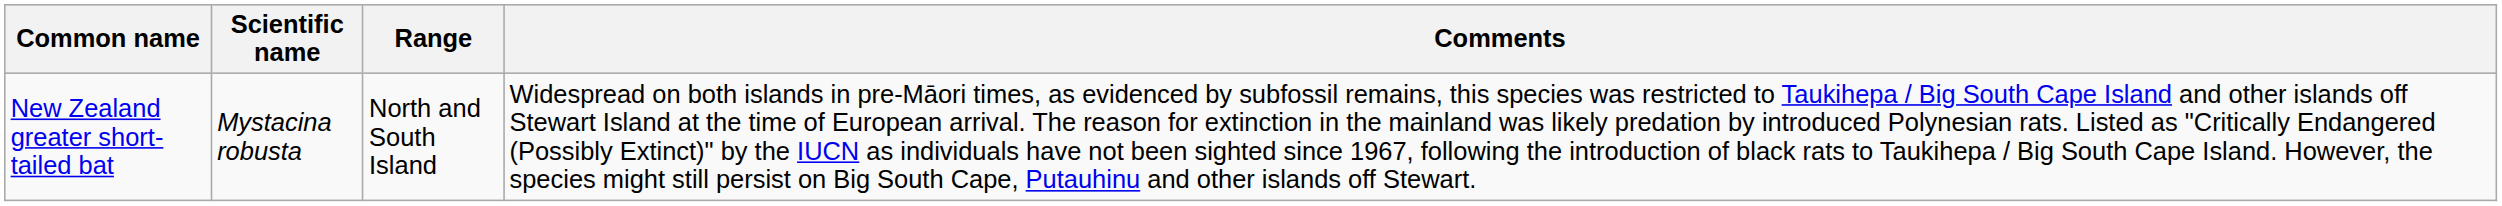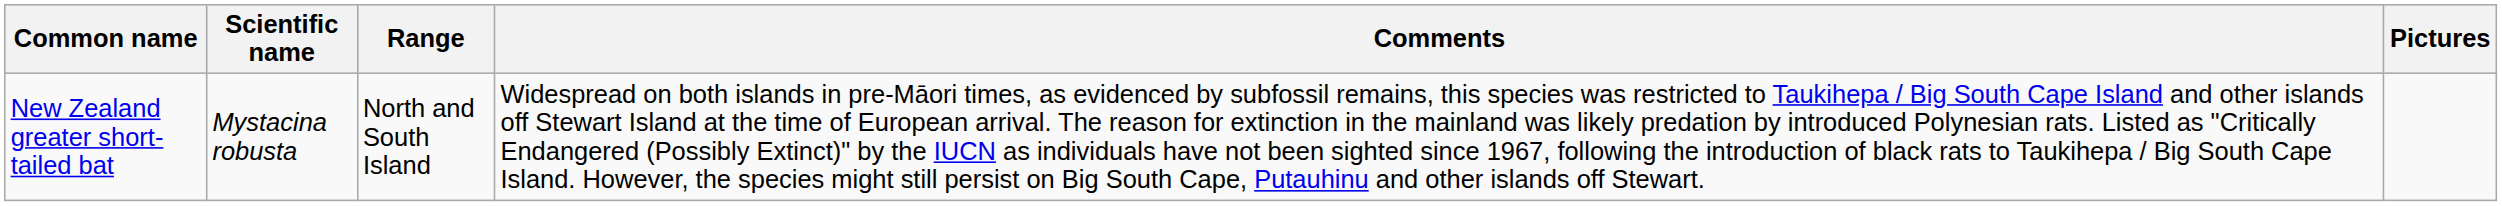 <table class="wikitable">
 <tr>
 <th>Common name</th>
 <th>Scientific name</th>
 <th>Range</th>
 <th class="unsortable">Comments</th>
+<th class="unsortable">Pictures</th>
 </tr>
 <tr>
 <td><a href='#'>New Zealand greater short-tailed bat</a></td>
 <td><em>Mystacina robusta</em></td>
 <td>North and South Island</td>
 <td>Widespread on both islands in pre-Māori times, as evidenced by subfossil remains, this species was restricted to <a href='#'>Taukihepa / Big South Cape Island</a> and other islands off Stewart Island at the time of European arrival. The reason for extinction in the mainland was likely predation by introduced Polynesian rats. Listed as "Critically Endangered (Possibly Extinct)" by the <a href='#'>IUCN</a> as individuals have not been sighted since 1967, following the introduction of black rats to Taukihepa / Big South Cape Island. However, the species might still persist on Big South Cape, <a href='#'>Putauhinu</a> and other islands off Stewart.</td>
+<td></td>
 </tr>
 </table>
